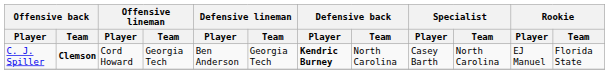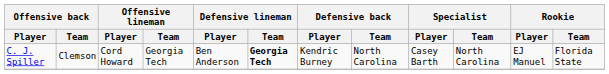 <table class="wikitable" border="1">
 <tr>
 <th colspan="2">Offensive back</th>
 <th colspan="2">Offensive lineman</th>
 <th colspan="2">Defensive lineman</th>
 <th colspan="2">Defensive back</th>
 <th colspan="2">Specialist</th>
 <th colspan="2">Rookie</th>
 </tr>
 <tr>
 <th>Player</th>
 <th>Team</th>
 <th>Player</th>
 <th>Team</th>
 <th>Player</th>
 <th>Team</th>
 <th>Player</th>
 <th>Team</th>
 <th>Player</th>
 <th>Team</th>
 <th>Player</th>
 <th>Team</th>
 </tr>
 <tr>
 <td><a href='#'>C. J. Spiller</a></td>
-<td><strong>Clemson</strong></td>
+<td>Clemson</td>
 <td>Cord Howard</td>
 <td>Georgia Tech</td>
 <td>Ben Anderson</td>
-<td>Georgia Tech</td>
-<td><strong>Kendric Burney</strong></td>
+<td><strong>Georgia Tech</strong></td>
+<td>Kendric Burney</td>
 <td>North Carolina</td>
 <td>Casey Barth</td>
 <td>North Carolina</td>
 <td>EJ Manuel</td>
 <td>Florida State</td>
 </tr>
 <tr>
 </tr>
 </table>
